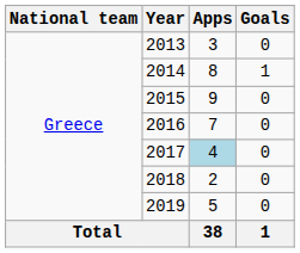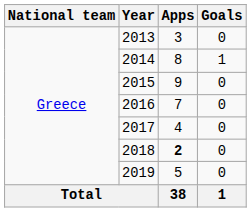 <table class="wikitable" style="text-align:center">
 <tr>
 <th>National team</th>
 <th>Year</th>
 <th>Apps</th>
 <th>Goals</th>
 </tr>
 <tr>
 <td rowspan="7"><a href='#'>Greece</a></td>
 <td>2013</td>
 <td>3</td>
 <td>0</td>
 </tr>
 <tr>
 <td>2014</td>
 <td>8</td>
 <td>1</td>
 </tr>
 <tr>
 <td>2015</td>
 <td>9</td>
 <td>0</td>
 </tr>
 <tr>
 <td>2016</td>
 <td>7</td>
 <td>0</td>
 </tr>
 <tr>
 <td>2017</td>
-<td style="background: lightblue;">4</td>
+<td>4</td>
 <td>0</td>
 </tr>
 <tr>
 <td>2018</td>
-<td>2</td>
+<td><strong>2</strong></td>
 <td>0</td>
 </tr>
 <tr>
 <td>2019</td>
 <td>5</td>
 <td>0</td>
 </tr>
 <tr>
 <th colspan=2>Total</th>
 <th>38</th>
 <th>1</th>
 </tr>
 </table>
